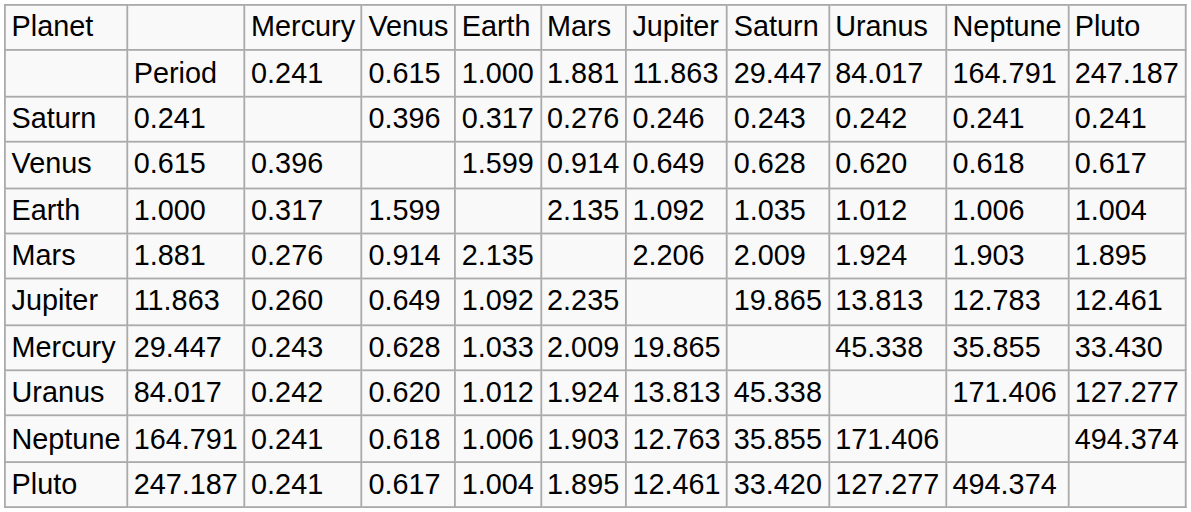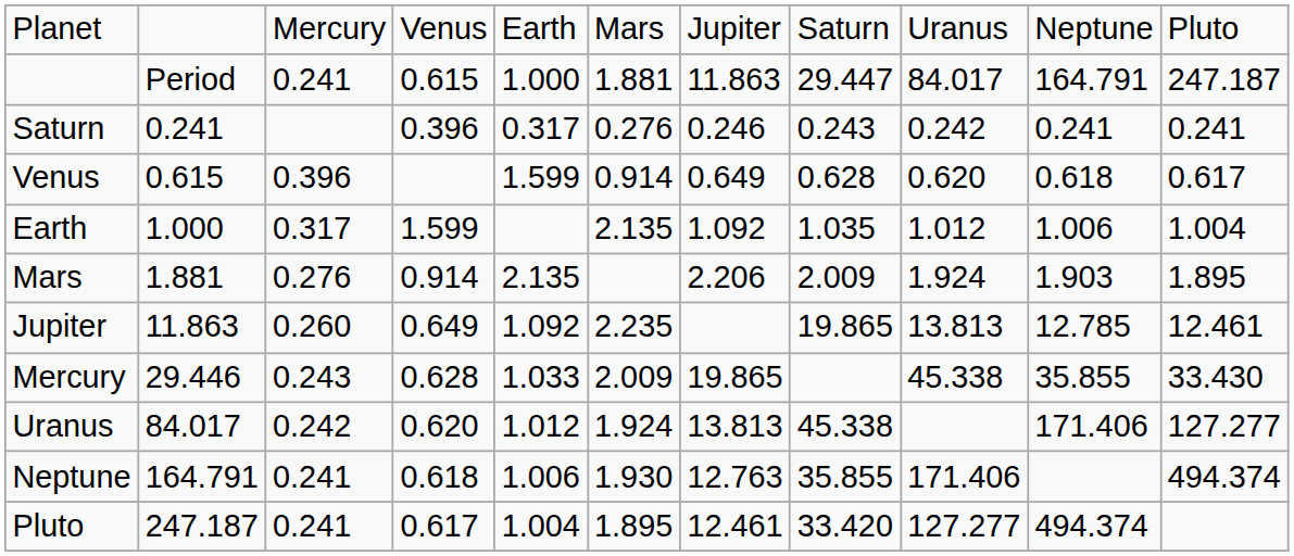 <table class="wikitable">
 <tr>
 <td>Planet</td>
 <td></td>
 <td>Mercury</td>
 <td>Venus</td>
 <td>Earth</td>
 <td>Mars</td>
 <td>Jupiter</td>
 <td>Saturn</td>
 <td>Uranus</td>
 <td>Neptune</td>
 <td>Pluto</td>
 </tr>
 <tr>
 <td></td>
 <td>Period</td>
 <td>0.241</td>
 <td>0.615</td>
 <td>1.000</td>
 <td>1.881</td>
 <td>11.863</td>
 <td>29.447</td>
 <td>84.017</td>
 <td>164.791</td>
 <td>247.187</td>
 </tr>
 <tr>
 <td>Saturn</td>
 <td>0.241</td>
 <td></td>
 <td>0.396</td>
 <td>0.317</td>
 <td>0.276</td>
 <td>0.246</td>
 <td>0.243</td>
 <td>0.242</td>
 <td>0.241</td>
 <td>0.241</td>
 </tr>
 <tr>
 <td>Venus</td>
 <td>0.615</td>
 <td>0.396</td>
 <td></td>
 <td>1.599</td>
 <td>0.914</td>
 <td>0.649</td>
 <td>0.628</td>
 <td>0.620</td>
 <td>0.618</td>
 <td>0.617</td>
 </tr>
 <tr>
 <td>Earth</td>
 <td>1.000</td>
 <td>0.317</td>
 <td>1.599</td>
 <td></td>
 <td>2.135</td>
 <td>1.092</td>
 <td>1.035</td>
 <td>1.012</td>
 <td>1.006</td>
 <td>1.004</td>
 </tr>
 <tr>
 <td>Mars</td>
 <td>1.881</td>
 <td>0.276</td>
 <td>0.914</td>
 <td>2.135</td>
 <td></td>
 <td>2.206</td>
 <td>2.009</td>
 <td>1.924</td>
 <td>1.903</td>
 <td>1.895</td>
 </tr>
 <tr>
 <td>Jupiter</td>
 <td>11.863</td>
 <td>0.260</td>
 <td>0.649</td>
 <td>1.092</td>
 <td>2.235</td>
 <td></td>
 <td>19.865</td>
 <td>13.813</td>
-<td>12.783</td>
+<td>12.785</td>
 <td>12.461</td>
 </tr>
 <tr>
 <td>Mercury</td>
-<td>29.447</td>
+<td>29.446</td>
 <td>0.243</td>
 <td>0.628</td>
 <td>1.033</td>
 <td>2.009</td>
 <td>19.865</td>
 <td></td>
 <td>45.338</td>
 <td>35.855</td>
 <td>33.430</td>
 </tr>
 <tr>
 <td>Uranus</td>
 <td>84.017</td>
 <td>0.242</td>
 <td>0.620</td>
 <td>1.012</td>
 <td>1.924</td>
 <td>13.813</td>
 <td>45.338</td>
 <td></td>
 <td>171.406</td>
 <td>127.277</td>
 </tr>
 <tr>
 <td>Neptune</td>
 <td>164.791</td>
 <td>0.241</td>
 <td>0.618</td>
 <td>1.006</td>
-<td>1.903</td>
+<td>1.930</td>
 <td>12.763</td>
 <td>35.855</td>
 <td>171.406</td>
 <td></td>
 <td>494.374</td>
 </tr>
 <tr>
 <td>Pluto</td>
 <td>247.187</td>
 <td>0.241</td>
 <td>0.617</td>
 <td>1.004</td>
 <td>1.895</td>
 <td>12.461</td>
 <td>33.420</td>
 <td>127.277</td>
 <td>494.374</td>
 <td></td>
 </tr>
 </table>
